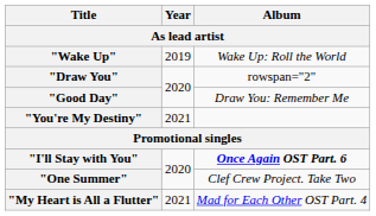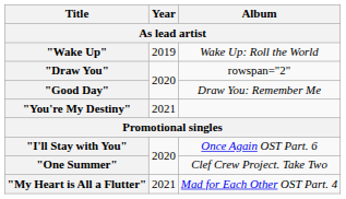 <table class="wikitable plainrowheaders" style="text-align:center;">
 <tr>
 <th scope="col">Title</th>
 <th scope="col">Year</th>
 <th scope="col">Album</th>
 </tr>
 <tr>
 <th scope="col" colspan="3">As lead artist</th>
 </tr>
 <tr>
 <th scope="row">"Wake Up" </th>
 <td>2019</td>
 <td><em>Wake Up: Roll the World</em></td>
 </tr>
 <tr>
 <th scope="row">"Draw You" </th>
 <td rowspan="2">2020</td>
 <td>rowspan="2" </td>
 </tr>
 <tr>
 <th scope="row">"Good Day"</th>
 <td><em>Draw You: Remember Me</em></td>
 </tr>
 <tr>
 <th scope="row">"You're My Destiny"</th>
 <td>2021</td>
 </tr>
 <tr>
 <th scope="col" colspan="3">Promotional singles</th>
 </tr>
 <tr>
 <th scope="row">"I'll Stay with You"</th>
 <td rowspan="2">2020</td>
-<td><strong><em><a href='#'>Once Again</a> OST Part. 6</em></strong></td>
+<td><em><a href='#'>Once Again</a> OST Part. 6</em></td>
 </tr>
 <tr>
 <th scope="row">"One Summer"</th>
 <td><em>Clef Crew Project. Take Two</em></td>
 </tr>
 <tr>
 <th scope="row">"My Heart is All a Flutter"</th>
 <td>2021</td>
 <td><em><a href='#'>Mad for Each Other</a> OST Part. 4</em></td>
 </tr>
 </table>
